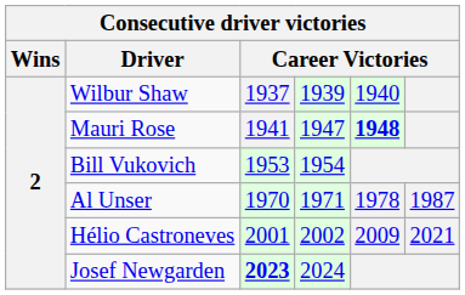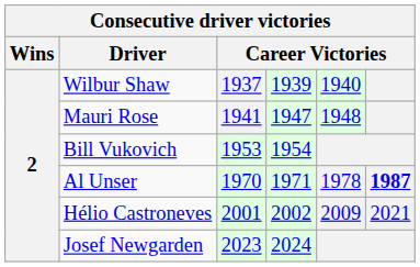 <table class="wikitable">
 <tr>
 <td style="background:#F2F2F2;" align="center" colspan="7"><strong>Consecutive driver victories</strong></td>
 </tr>
 <tr>
 <td style="background:#F2F2F2;" align="center"><strong>Wins</strong></td>
 <td style="background:#F2F2F2;" align="center"><strong>Driver</strong></td>
 <td style="background:#F2F2F2;" align="center" colspan="4"><strong>Career Victories</strong></td>
 </tr>
 <tr>
 <td style="background:#F2F2F2;" align="center" rowspan="6"><strong>2</strong></td>
 <td> <a href='#'>Wilbur Shaw</a></td>
 <td bgcolor="#F2F2F2" align="center"><a href='#'>1937</a></td>
 <td bgcolor="#DFFFDF" align="center"><a href='#'>1939</a></td>
 <td bgcolor="#DFFFDF" align="center"><a href='#'>1940</a></td>
 <td bgcolor="#F2F2F2" align="center"> </td>
 </tr>
 <tr>
 <td> <a href='#'>Mauri Rose</a></td>
 <td bgcolor="#F2F2F2" align="center"><a href='#'>1941</a></td>
 <td bgcolor="#DFFFDF" align="center"><a href='#'>1947</a></td>
-<td bgcolor="#DFFFDF" align="center"><strong><a href='#'>1948</a></strong></td>
+<td bgcolor="#DFFFDF" align="center"><a href='#'>1948</a></td>
 <td bgcolor="#F2F2F2" align="center"> </td>
 </tr>
 <tr>
 <td> <a href='#'>Bill Vukovich</a></td>
 <td bgcolor="#DFFFDF" align="center"><a href='#'>1953</a></td>
 <td bgcolor="#DFFFDF" align="center"><a href='#'>1954</a></td>
 <td bgcolor="#F2F2F2" align="center" colspan="2"> </td>
 </tr>
 <tr>
 <td> <a href='#'>Al Unser</a></td>
 <td bgcolor="#DFFFDF" align="center"><a href='#'>1970</a></td>
 <td bgcolor="#DFFFDF" align="center"><a href='#'>1971</a></td>
 <td bgcolor="#F2F2F2" align="center"><a href='#'>1978</a></td>
-<td bgcolor="#F2F2F2" align="center"><a href='#'>1987</a></td>
+<td bgcolor="#F2F2F2" align="center"><strong><a href='#'>1987</a></strong></td>
 </tr>
 <tr>
 <td> <a href='#'>Hélio Castroneves</a></td>
 <td bgcolor="#DFFFDF" align="center"><a href='#'>2001</a></td>
 <td bgcolor="#DFFFDF" align="center"><a href='#'>2002</a></td>
 <td bgcolor="#F2F2F2" align="center"><a href='#'>2009</a></td>
 <td bgcolor="#F2F2F2" align="center"><a href='#'>2021</a></td>
 </tr>
 <tr>
 <td> <a href='#'>Josef Newgarden</a></td>
-<td bgcolor="#DFFFDF" align="center"><strong><a href='#'>2023</a></strong></td>
+<td bgcolor="#DFFFDF" align="center"><a href='#'>2023</a></td>
 <td bgcolor="#DFFFDF" align="center"><a href='#'>2024</a></td>
 <td bgcolor="#F2F2F2" align="center" colspan="2"> </td>
 </tr>
 </table>
